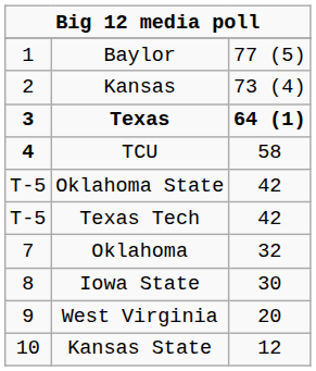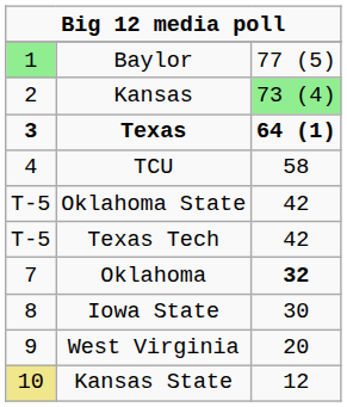 <table class="wikitable" style="display: inline-table;">
 <tr>
 <td align="center" Colspan="3"><strong>Big 12 media poll</strong></td>
 </tr>
 <tr align="center">
 </tr>
 <tr align="center">
-<td>1</td>
+<td style="background: lightgreen;">1</td>
 <td>Baylor</td>
 <td>77 (5)</td>
 </tr>
 <tr align="center">
 <td>2</td>
 <td>Kansas</td>
-<td>73 (4)</td>
+<td style="background: lightgreen;">73 (4)</td>
 </tr>
 <tr align="center">
 <td><strong>3</strong></td>
 <td><strong>Texas</strong></td>
 <td><strong>64 (1)</strong></td>
 </tr>
 <tr align="center">
-<td><strong>4</strong></td>
+<td>4</td>
 <td>TCU</td>
 <td>58</td>
 </tr>
 <tr align="center">
 <td>T-5</td>
 <td>Oklahoma State</td>
 <td>42</td>
 </tr>
 <tr align="center">
 <td>T-5</td>
 <td>Texas Tech</td>
 <td>42</td>
 </tr>
 <tr align="center">
 <td>7</td>
 <td>Oklahoma</td>
-<td>32</td>
+<td><strong>32</strong></td>
 </tr>
 <tr align="center">
 <td>8</td>
 <td>Iowa State</td>
 <td>30</td>
 </tr>
 <tr align="center">
 <td>9</td>
 <td>West Virginia</td>
 <td>20</td>
 </tr>
 <tr align="center">
-<td>10</td>
+<td style="background: khaki;">10</td>
 <td>Kansas State</td>
 <td>12</td>
 </tr>
 </table>
